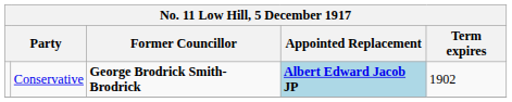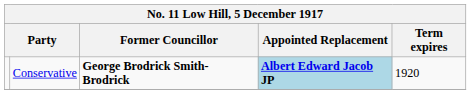 <table class="wikitable">
 <tr>
 <th colspan="5"><strong>No. 11 Low Hill, 5 December 1917</strong></th>
 </tr>
 <tr>
 <th colspan="2">Party</th>
 <th>Former Councillor</th>
 <th>Appointed Replacement</th>
 <th>Term expires</th>
 </tr>
 <tr>
 <td style="background-color:"></td>
 <td><a href='#'>Conservative</a></td>
 <td><strong>George Brodrick Smith-Brodrick</strong></td>
 <td style="background: lightblue;"><strong><a href='#'>Albert Edward Jacob</a> JP</strong></td>
-<td>1902</td>
+<td>1920</td>
 </tr>
 <tr>
 </tr>
 </table>
